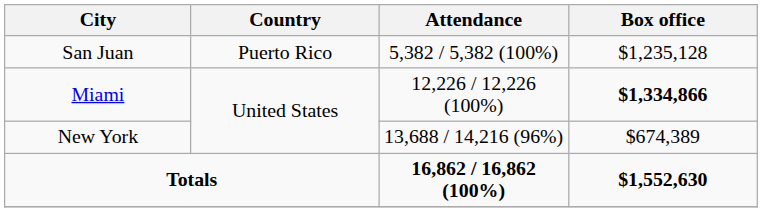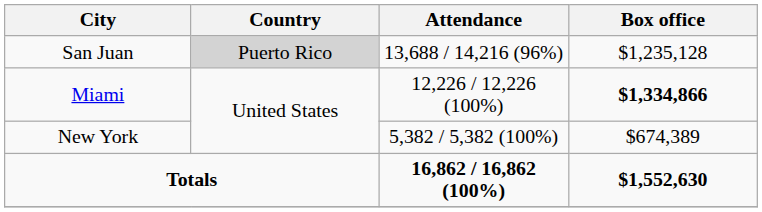 <table class="wikitable" style="text-align:center;">
 <tr>
 <th rowspan="" width="150">City</th>
 <th rowspan="" width="150">Country</th>
 <th colspan="" width="150">Attendance</th>
 <th colspan="" width="150">Box office</th>
 </tr>
 <tr>
 <td>San Juan</td>
-<td>Puerto Rico</td>
-<td>5,382 / 5,382 (100%)</td>
+<td style="background: lightgrey;">Puerto Rico</td>
+<td>13,688 / 14,216 (96%)</td>
 <td>$1,235,128</td>
 </tr>
 <tr>
 <td><a href='#'>Miami</a></td>
 <td rowspan="2">United States</td>
 <td>12,226 / 12,226 (100%)</td>
 <td><strong>$1,334,866</strong></td>
 </tr>
 <tr>
 <td>New York</td>
-<td>13,688 / 14,216 (96%)</td>
+<td>5,382 / 5,382 (100%)</td>
 <td>$674,389</td>
 </tr>
 <tr>
 <td colspan="2"><strong>Totals</strong></td>
 <td colspan=""><strong>16,862 / 16,862 (100%)</strong></td>
 <td colspan=""><strong>$1,552,630</strong></td>
 </tr>
 <tr>
 </tr>
 </table>
